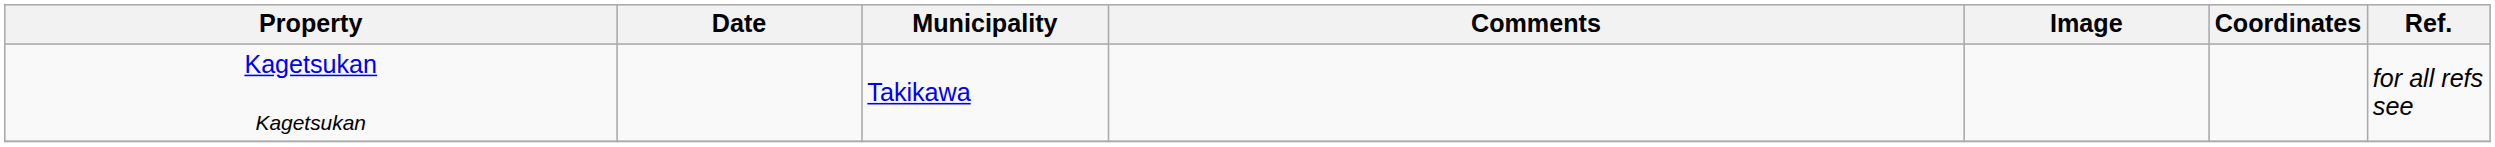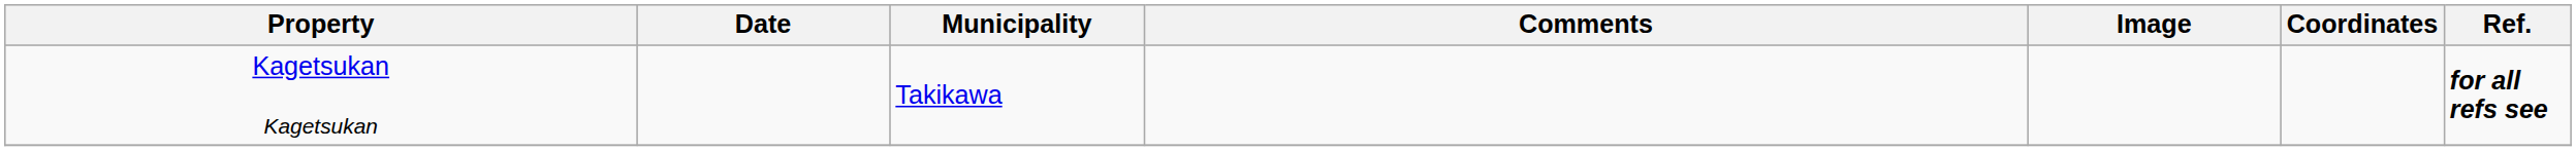 <table class="wikitable sortable"  style="width:100%;">
 <tr>
 <th width="25%" align="left">Property</th>
 <th width="10%" align="left" data-sort-type="number">Date</th>
 <th width="10%" aligūn="left">Municipality</th>
 <th width="35%" align="left" class="unsortable">Comments</th>
 <th width="10%" align="left" class="unsortable">Image</th>
 <th width="5%" align="left" class="unsortable">Coordinates</th>
 <th width="5%" align="left" class="unsortable">Ref.</th>
 </tr>
 <tr>
 <td align="center"><a href='#'>Kagetsukan</a><br><br><small><em>Kagetsukan</em></small></td>
 <td></td>
 <td><a href='#'>Takikawa</a></td>
 <td></td>
 <td></td>
 <td></td>
-<td><em>for all refs see</em> </td>
+<td><strong><em>for all refs see</em> </strong></td>
 </tr>
 <tr>
 </tr>
 </table>
